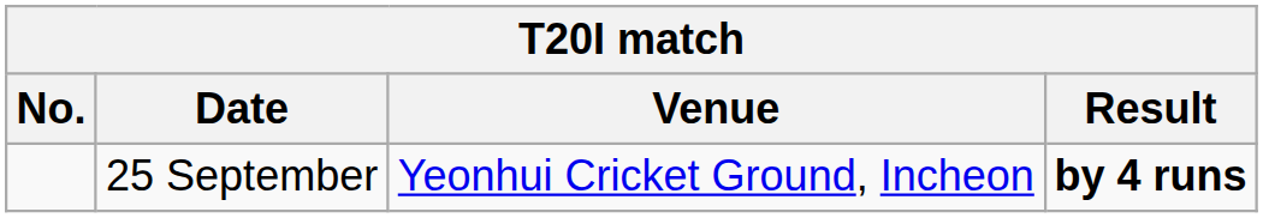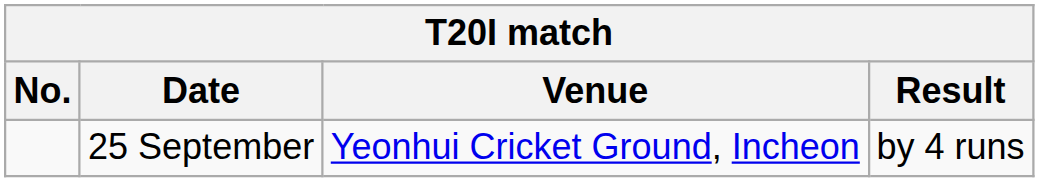 <table class="wikitable">
 <tr>
 <th colspan="4">T20I match</th>
 </tr>
 <tr>
 <th>No.</th>
 <th>Date</th>
 <th>Venue</th>
 <th>Result</th>
 </tr>
 <tr>
 <td></td>
 <td>25 September</td>
 <td><a href='#'>Yeonhui Cricket Ground</a>, <a href='#'>Incheon</a></td>
-<td><strong> by 4 runs</strong></td>
+<td> by 4 runs</td>
 </tr>
 </table>
